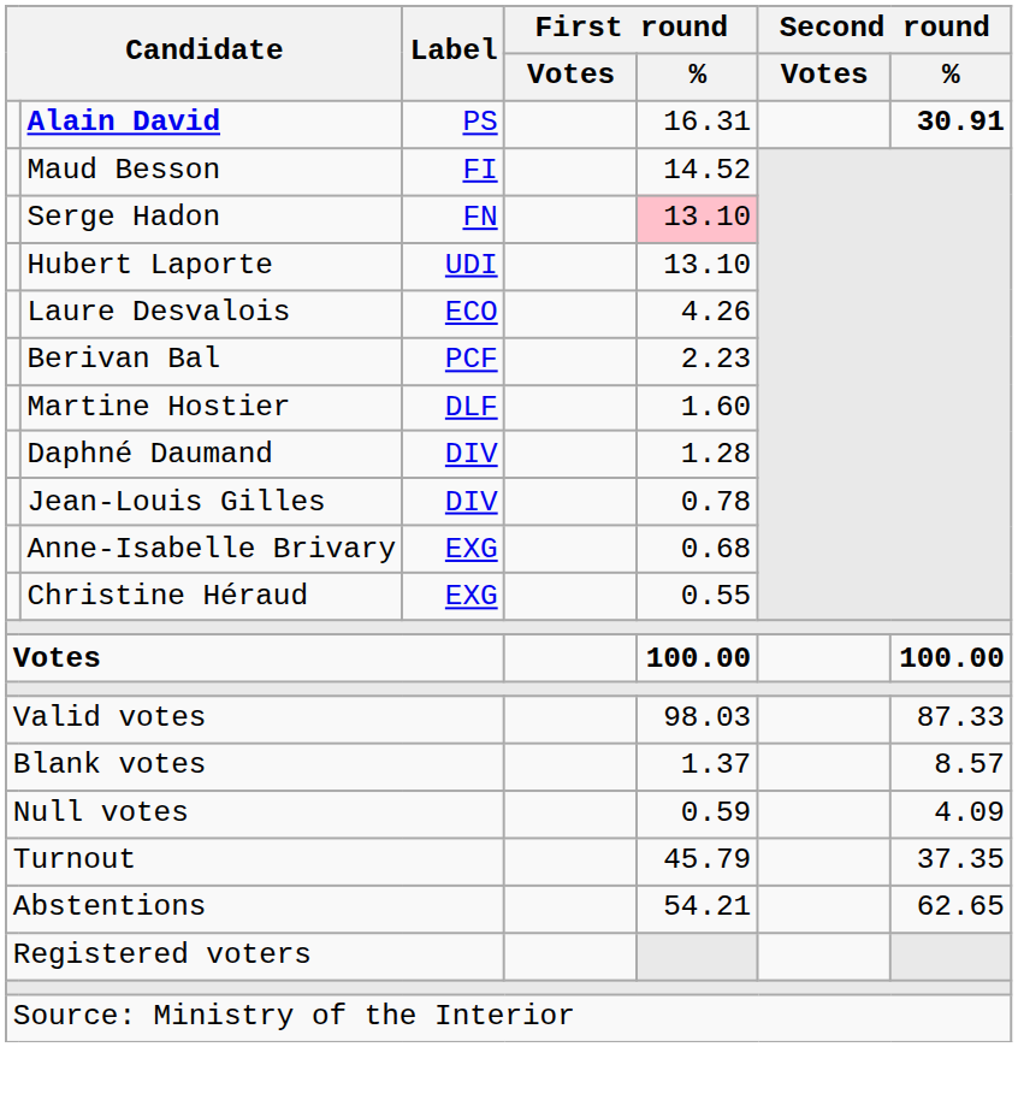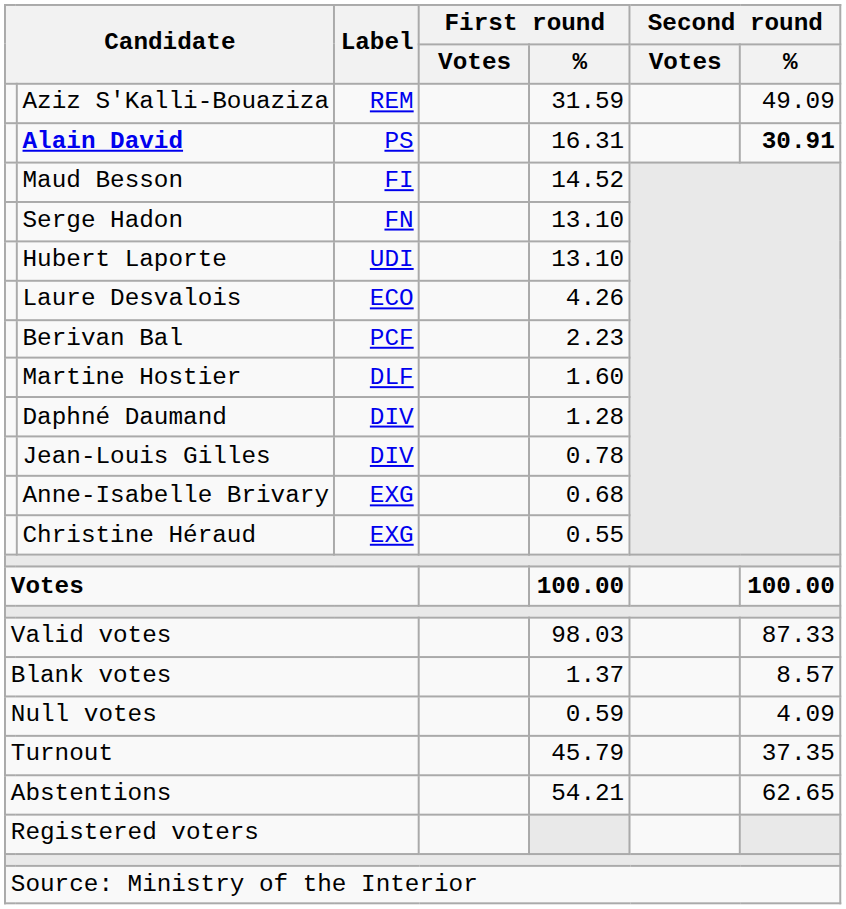 <table class="wikitable" style="text-align:right;font-size:95%;">
 <tr>
 <th rowspan="2" colspan="2">Candidate</th>
 <th rowspan="2">Label</th>
 <th colspan="2">First round</th>
 <th colspan="2">Second round</th>
 </tr>
 <tr>
 <th style="width:50px;">Votes</th>
 <th style="width:45px;">%</th>
 <th style="width:50px;">Votes</th>
 <th style="width:45px;">%</th>
+</tr>
+<tr>
+<td style="color:inherit;background:"></td>
+<td style="text-align:left;">Aziz S'Kalli-Bouaziza</td>
+<td><a href='#'>REM</a></td>
+<td></td>
+<td>31.59</td>
+<td></td>
+<td>49.09</td>
 </tr>
 <tr>
 <td style="color:inherit;background:"></td>
 <td style="text-align:left;"><strong><a href='#'>Alain David</a></strong></td>
 <td><a href='#'>PS</a></td>
 <td></td>
 <td>16.31</td>
 <td><strong></strong></td>
 <td><strong>30.91</strong></td>
 </tr>
 <tr>
 <td style="color:inherit;background:"></td>
 <td style="text-align:left;">Maud Besson</td>
 <td><a href='#'>FI</a></td>
 <td></td>
 <td>14.52</td>
 <td colspan="2" rowspan="10" style="background:#E9E9E9;"></td>
 </tr>
 <tr>
 <td style="color:inherit;background:"></td>
 <td style="text-align:left;">Serge Hadon</td>
 <td><a href='#'>FN</a></td>
 <td></td>
-<td style="background: pink;">13.10</td>
+<td>13.10</td>
 </tr>
 <tr>
 <td style="color:inherit;background:"></td>
 <td style="text-align:left;">Hubert Laporte</td>
 <td><a href='#'>UDI</a></td>
 <td></td>
 <td>13.10</td>
 </tr>
 <tr>
 <td style="color:inherit;background:"></td>
 <td style="text-align:left;">Laure Desvalois</td>
 <td><a href='#'>ECO</a></td>
 <td></td>
 <td>4.26</td>
 </tr>
 <tr>
 <td style="color:inherit;background:"></td>
 <td style="text-align:left;">Berivan Bal</td>
 <td><a href='#'>PCF</a></td>
 <td></td>
 <td>2.23</td>
 </tr>
 <tr>
 <td style="color:inherit;background:"></td>
 <td style="text-align:left;">Martine Hostier</td>
 <td><a href='#'>DLF</a></td>
 <td></td>
 <td>1.60</td>
 </tr>
 <tr>
 <td style="color:inherit;background:"></td>
 <td style="text-align:left;">Daphné Daumand</td>
 <td><a href='#'>DIV</a></td>
 <td></td>
 <td>1.28</td>
 </tr>
 <tr>
 <td style="color:inherit;background:"></td>
 <td style="text-align:left;">Jean-Louis Gilles</td>
 <td><a href='#'>DIV</a></td>
 <td></td>
 <td>0.78</td>
 </tr>
 <tr>
 <td style="color:inherit;background:"></td>
 <td style="text-align:left;">Anne-Isabelle Brivary</td>
 <td><a href='#'>EXG</a></td>
 <td></td>
 <td>0.68</td>
 </tr>
 <tr>
 <td style="color:inherit;background:"></td>
 <td style="text-align:left;">Christine Héraud</td>
 <td><a href='#'>EXG</a></td>
 <td></td>
 <td>0.55</td>
 </tr>
 <tr>
 <td colspan="7" style="background:#E9E9E9;"></td>
 </tr>
 <tr style="font-weight:bold;">
 <td colspan="3" style="text-align:left;">Votes</td>
 <td></td>
 <td>100.00</td>
 <td></td>
 <td>100.00</td>
 </tr>
 <tr>
 <td colspan="7" style="background:#E9E9E9;"></td>
 </tr>
 <tr>
 <td colspan="3" style="text-align:left;">Valid votes</td>
 <td></td>
 <td>98.03</td>
 <td></td>
 <td>87.33</td>
 </tr>
 <tr>
 <td colspan="3" style="text-align:left;">Blank votes</td>
 <td></td>
 <td>1.37</td>
 <td></td>
 <td>8.57</td>
 </tr>
 <tr>
 <td colspan="3" style="text-align:left;">Null votes</td>
 <td></td>
 <td>0.59</td>
 <td></td>
 <td>4.09</td>
 </tr>
 <tr>
 <td colspan="3" style="text-align:left;">Turnout</td>
 <td></td>
 <td>45.79</td>
 <td></td>
 <td>37.35</td>
 </tr>
 <tr>
 <td colspan="3" style="text-align:left;">Abstentions</td>
 <td></td>
 <td>54.21</td>
 <td></td>
 <td>62.65</td>
 </tr>
 <tr>
 <td colspan="3" style="text-align:left;">Registered voters</td>
 <td></td>
 <td style="color:inherit;background:#E9E9E9;"></td>
 <td></td>
 <td style="color:inherit;background:#E9E9E9;"></td>
 </tr>
 <tr>
 <td colspan="7" style="background:#E9E9E9;"></td>
 </tr>
 <tr>
 <td colspan="7" style="text-align:left;">Source: Ministry of the Interior</td>
 </tr>
 </table>
